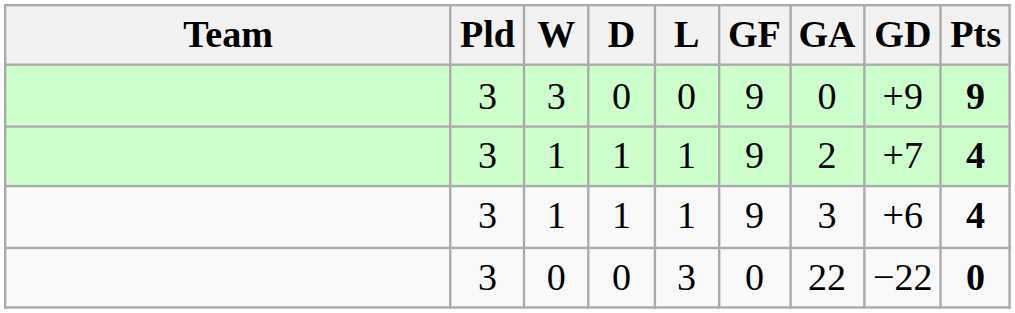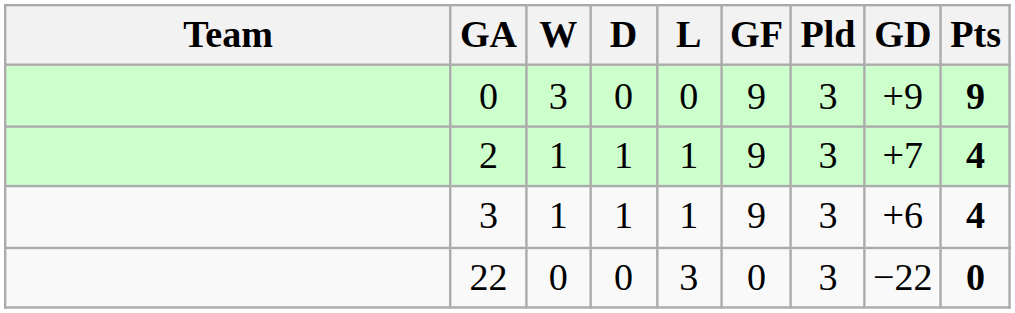 <table class="wikitable" style="text-align:center;">
 <tr>
 <th width=180>Team</th>
-<th width=20>Pld</th>
+<th width=20>GA</th>
 <th width=20>W</th>
 <th width=20>D</th>
 <th width=20>L</th>
 <th width=20>GF</th>
-<th width=20>GA</th>
+<th width=20>Pld</th>
 <th width=20>GD</th>
 <th width=20>Pts</th>
 </tr>
 <tr bgcolor=#ccffcc>
 <td align="left"></td>
-<td>3</td>
+<td>0</td>
 <td>3</td>
 <td>0</td>
 <td>0</td>
 <td>9</td>
-<td>0</td>
+<td>3</td>
 <td>+9</td>
 <td><strong>9</strong></td>
 </tr>
 <tr bgcolor=#ccffcc>
 <td align="left"></td>
-<td>3</td>
+<td>2</td>
 <td>1</td>
 <td>1</td>
 <td>1</td>
 <td>9</td>
-<td>2</td>
+<td>3</td>
 <td>+7</td>
 <td><strong>4</strong></td>
 </tr>
 <tr>
 <td align="left"><em></em></td>
 <td>3</td>
 <td>1</td>
 <td>1</td>
 <td>1</td>
 <td>9</td>
 <td>3</td>
 <td>+6</td>
 <td><strong>4</strong></td>
 </tr>
 <tr>
 <td align="left"></td>
-<td>3</td>
+<td>22</td>
 <td>0</td>
 <td>0</td>
 <td>3</td>
 <td>0</td>
-<td>22</td>
+<td>3</td>
 <td>−22</td>
 <td><strong>0</strong></td>
 </tr>
 </table>
